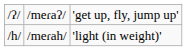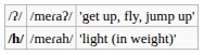 <table class="wikitable">
 <tr>
 <td>/ʔ/</td>
 <td>/meɾaʔ/</td>
 <td>'get up, fly, jump up'</td>
 </tr>
 <tr>
-<td>/h/</td>
+<td><strong>/h/</strong></td>
 <td>/meɾah/</td>
 <td>'light (in weight)'</td>
 </tr>
 </table>
